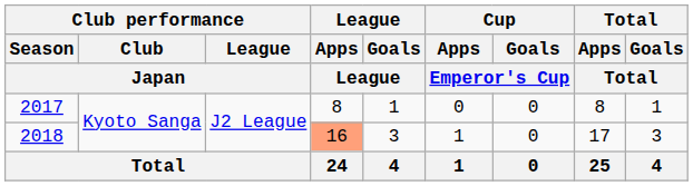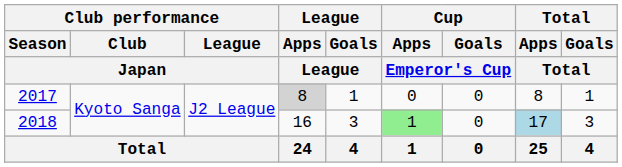 <table class="wikitable" style="text-align:center;">
 <tr>
 <th colspan=3>Club performance</th>
 <th colspan=2>League</th>
 <th colspan=2>Cup</th>
 <th colspan=2>Total</th>
 </tr>
 <tr>
 <th>Season</th>
 <th>Club</th>
 <th>League</th>
 <th>Apps</th>
 <th>Goals</th>
 <th>Apps</th>
 <th>Goals</th>
 <th>Apps</th>
 <th>Goals</th>
 </tr>
 <tr>
 <th colspan=3>Japan</th>
 <th colspan=2>League</th>
 <th colspan=2><a href='#'>Emperor's Cup</a></th>
 <th colspan=2>Total</th>
 </tr>
 <tr>
 <td><a href='#'>2017</a></td>
 <td rowspan="2"><a href='#'>Kyoto Sanga</a></td>
 <td rowspan="2"><a href='#'>J2 League</a></td>
-<td>8</td>
+<td style="background: lightgrey;">8</td>
 <td>1</td>
 <td>0</td>
 <td>0</td>
 <td>8</td>
 <td>1</td>
 </tr>
 <tr>
 <td><a href='#'>2018</a></td>
-<td style="background: lightsalmon;">16</td>
+<td>16</td>
 <td>3</td>
-<td>1</td>
+<td style="background: lightgreen;">1</td>
 <td>0</td>
-<td>17</td>
+<td style="background: lightblue;">17</td>
 <td>3</td>
 </tr>
 <tr>
 <th colspan=3>Total</th>
 <th>24</th>
 <th>4</th>
 <th>1</th>
 <th>0</th>
 <th>25</th>
 <th>4</th>
 </tr>
 </table>
